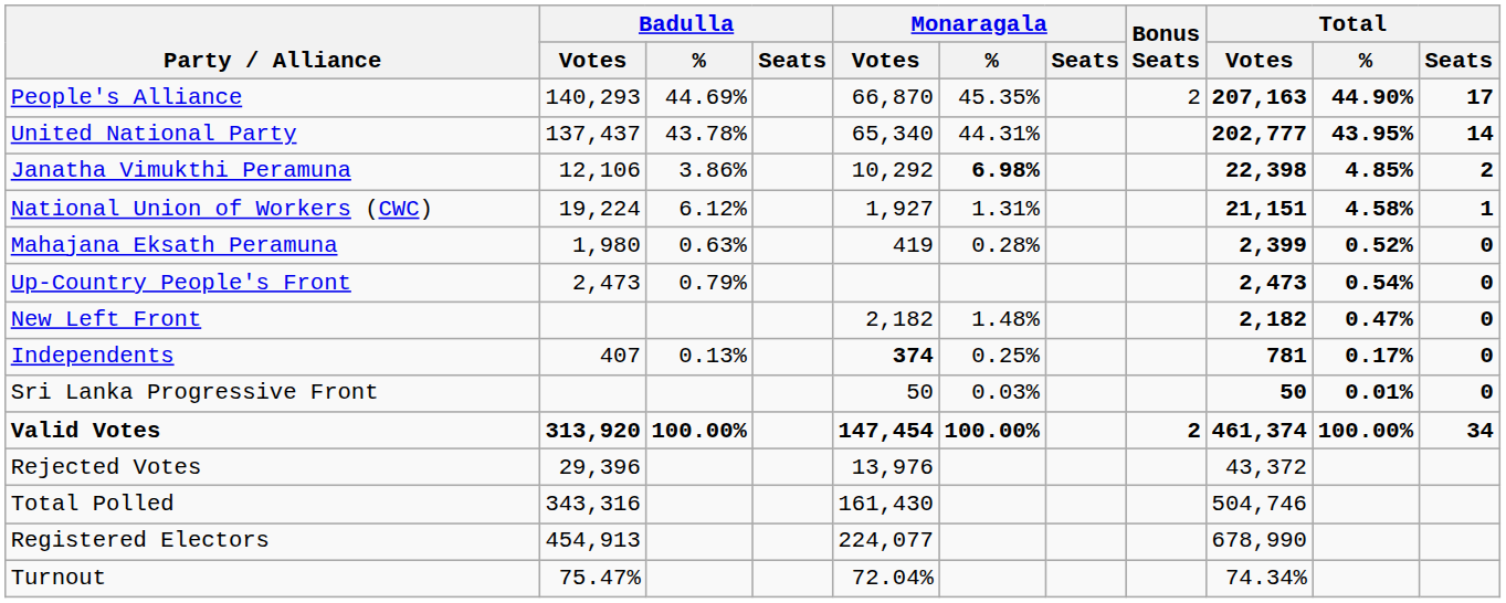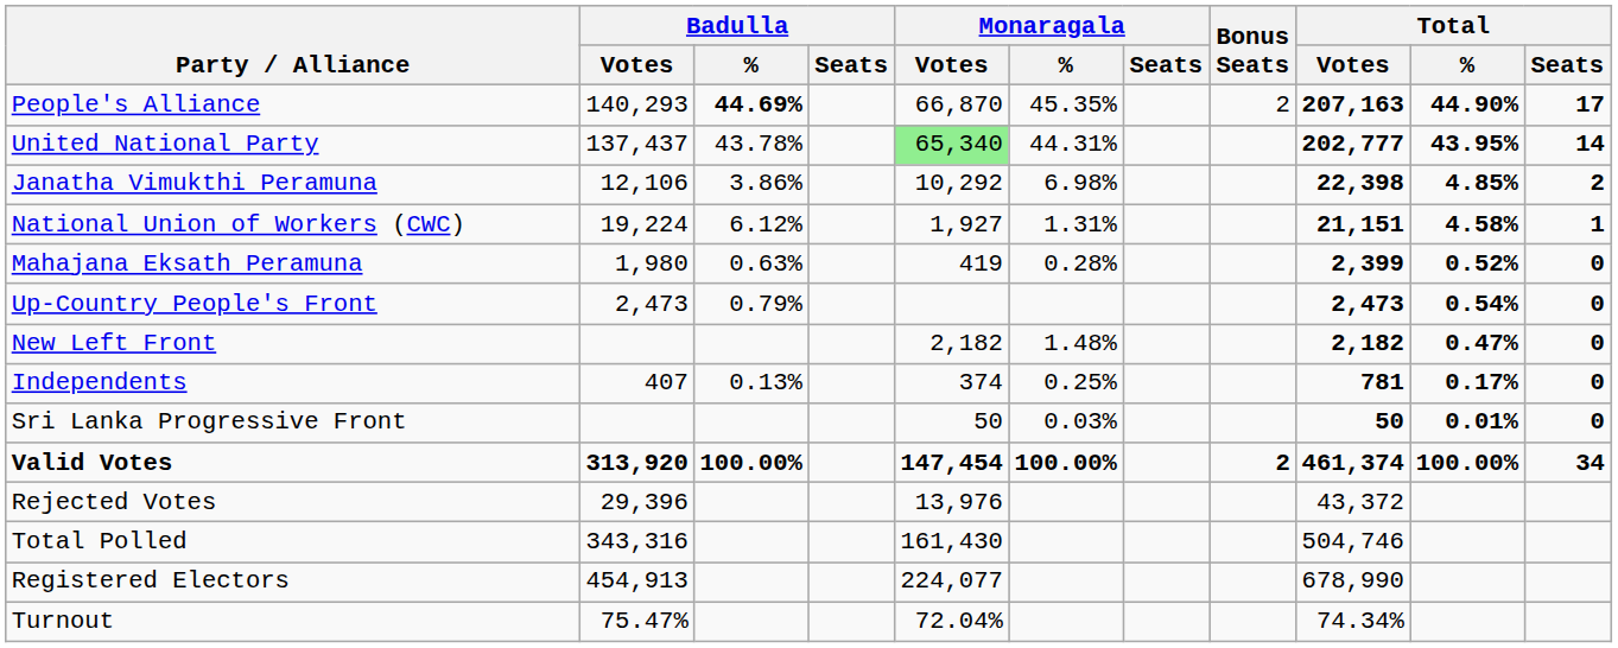 <table class="wikitable" border="1" style="text-align:right;">
 <tr>
 <th valign=bottom rowspan=2 width="300">Party / Alliance</th>
 <th colspan=3><a href='#'>Badulla</a></th>
 <th colspan=3><a href='#'>Monaragala</a></th>
 <th valign=bottom rowspan=2 width="40">Bonus<br>Seats</th>
 <th colspan=3>Total</th>
 </tr>
 <tr>
 <th align=center valign=bottom width="50">Votes</th>
 <th align=center valign=bottom width="50">%</th>
 <th align=center valign=bottom width="40">Seats</th>
 <th align=center valign=bottom width="50">Votes</th>
 <th align=center valign=bottom width="50">%</th>
 <th align=center valign=bottom width="40">Seats</th>
 <th align=center valign=bottom width="50">Votes</th>
 <th align=center valign=bottom width="50">%</th>
 <th align=center valign=bottom width="40">Seats</th>
 </tr>
 <tr>
 <td align=left><a href='#'>People's Alliance</a></td>
 <td>140,293</td>
-<td>44.69%</td>
+<td><strong>44.69%</strong></td>
 <td></td>
 <td>66,870</td>
 <td>45.35%</td>
 <td></td>
 <td>2</td>
 <td><strong>207,163</strong></td>
 <td><strong>44.90%</strong></td>
 <td><strong>17</strong></td>
 </tr>
 <tr>
 <td align=left><a href='#'>United National Party</a></td>
 <td>137,437</td>
 <td>43.78%</td>
 <td></td>
-<td>65,340</td>
+<td style="background: lightgreen;">65,340</td>
 <td>44.31%</td>
 <td></td>
 <td></td>
 <td><strong>202,777</strong></td>
 <td><strong>43.95%</strong></td>
 <td><strong>14</strong></td>
 </tr>
 <tr>
 <td align=left><a href='#'>Janatha Vimukthi Peramuna</a></td>
 <td>12,106</td>
 <td>3.86%</td>
 <td></td>
 <td>10,292</td>
-<td><strong>6.98%</strong></td>
+<td>6.98%</td>
 <td></td>
 <td></td>
 <td><strong>22,398</strong></td>
 <td><strong>4.85%</strong></td>
 <td><strong>2</strong></td>
 </tr>
 <tr>
 <td align=left><a href='#'>National Union of Workers</a> (<a href='#'>CWC</a>)</td>
 <td>19,224</td>
 <td>6.12%</td>
 <td></td>
 <td>1,927</td>
 <td>1.31%</td>
 <td></td>
 <td></td>
 <td><strong>21,151</strong></td>
 <td><strong>4.58%</strong></td>
 <td><strong>1</strong></td>
 </tr>
 <tr>
 <td align=left><a href='#'>Mahajana Eksath Peramuna</a></td>
 <td>1,980</td>
 <td>0.63%</td>
 <td></td>
 <td>419</td>
 <td>0.28%</td>
 <td></td>
 <td></td>
 <td><strong>2,399</strong></td>
 <td><strong>0.52%</strong></td>
 <td><strong>0</strong></td>
 </tr>
 <tr>
 <td align=left><a href='#'>Up-Country People's Front</a></td>
 <td>2,473</td>
 <td>0.79%</td>
 <td></td>
 <td></td>
 <td></td>
 <td></td>
 <td></td>
 <td><strong>2,473</strong></td>
 <td><strong>0.54%</strong></td>
 <td><strong>0</strong></td>
 </tr>
 <tr>
 <td align=left><a href='#'>New Left Front</a></td>
 <td></td>
 <td></td>
 <td></td>
 <td>2,182</td>
 <td>1.48%</td>
 <td></td>
 <td></td>
 <td><strong>2,182</strong></td>
 <td><strong>0.47%</strong></td>
 <td><strong>0</strong></td>
 </tr>
 <tr>
 <td align=left><a href='#'>Independents</a></td>
 <td>407</td>
 <td>0.13%</td>
 <td></td>
-<td><strong>374</strong></td>
+<td>374</td>
 <td>0.25%</td>
 <td></td>
 <td></td>
 <td><strong>781</strong></td>
 <td><strong>0.17%</strong></td>
 <td><strong>0</strong></td>
 </tr>
 <tr>
 <td align=left>Sri Lanka Progressive Front</td>
 <td></td>
 <td></td>
 <td></td>
 <td>50</td>
 <td>0.03%</td>
 <td></td>
 <td></td>
 <td><strong>50</strong></td>
 <td><strong>0.01%</strong></td>
 <td><strong>0</strong></td>
 </tr>
 <tr>
 <td align=left><strong>Valid Votes</strong></td>
 <td><strong>313,920</strong></td>
 <td><strong>100.00%</strong></td>
 <td></td>
 <td><strong>147,454</strong></td>
 <td><strong>100.00%</strong></td>
 <td></td>
 <td><strong>2</strong></td>
 <td><strong>461,374</strong></td>
 <td><strong>100.00%</strong></td>
 <td><strong>34</strong></td>
 </tr>
 <tr>
 <td align=left>Rejected Votes</td>
 <td>29,396</td>
 <td></td>
 <td></td>
 <td>13,976</td>
 <td></td>
 <td></td>
 <td></td>
 <td>43,372</td>
 <td></td>
 <td></td>
 </tr>
 <tr>
 <td align=left>Total Polled</td>
 <td>343,316</td>
 <td></td>
 <td></td>
 <td>161,430</td>
 <td></td>
 <td></td>
 <td></td>
 <td>504,746</td>
 <td></td>
 <td></td>
 </tr>
 <tr>
 <td align=left>Registered Electors</td>
 <td>454,913</td>
 <td></td>
 <td></td>
 <td>224,077</td>
 <td></td>
 <td></td>
 <td></td>
 <td>678,990</td>
 <td></td>
 <td></td>
 </tr>
 <tr>
 <td align=left>Turnout</td>
 <td>75.47%</td>
 <td></td>
 <td></td>
 <td>72.04%</td>
 <td></td>
 <td></td>
 <td></td>
 <td>74.34%</td>
 <td></td>
 <td></td>
 </tr>
 </table>
